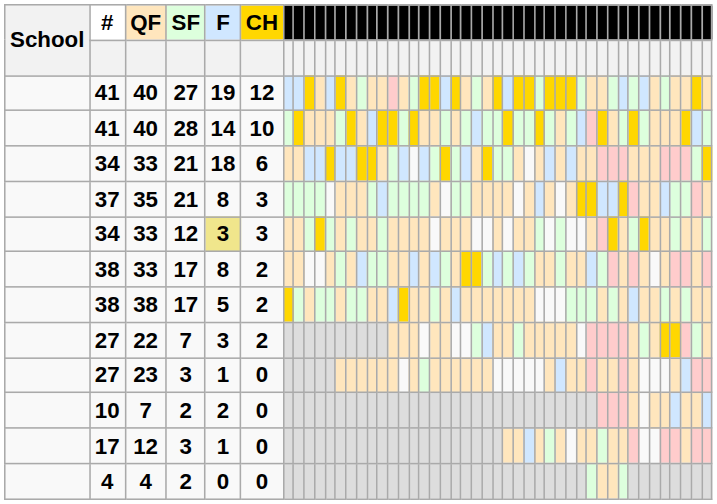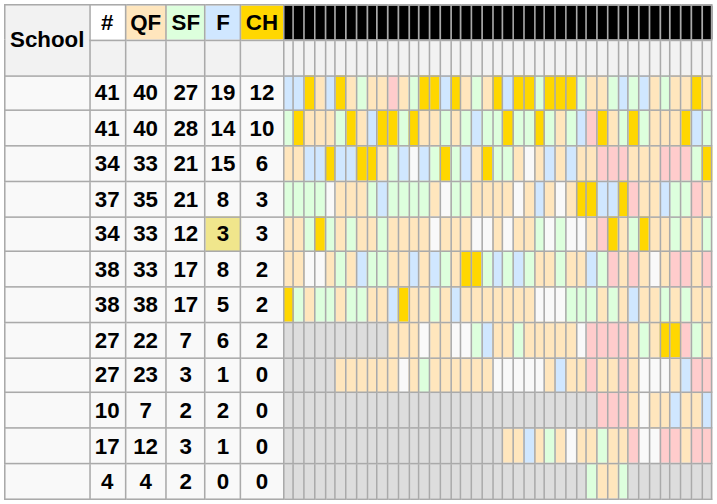 <table class="wikitable sortable sticky-table-head sticky-table-col1" style="font-size:90%; text-align: center;">
 <tr>
 <th rowspan=2>School</th>
 <th style="background: #FFFFFF;">#</th>
 <th style="background: #FFE6BD;">QF</th>
 <th style="background: #ddffdd;">SF</th>
 <th style="background: #D0E7FF;">F</th>
 <th style="background: gold;">CH</th>
 <th style="background: #000000;"><a href='#'></a></th>
 <th style="background: #000000;"><a href='#'></a></th>
 <th style="background: #000000;"><a href='#'></a></th>
 <th style="background: #000000;"><a href='#'></a></th>
 <th style="background: #000000;"><a href='#'></a></th>
 <th style="background: #000000;"><a href='#'></a></th>
 <th style="background: #000000;"><a href='#'></a></th>
 <th style="background: #000000;"><a href='#'></a></th>
 <th style="background: #000000;"><a href='#'></a></th>
 <th style="background: #000000;"><a href='#'></a></th>
 <th style="background: #000000;"><a href='#'></a></th>
 <th style="background: #000000;"><a href='#'></a></th>
 <th style="background: #000000;"><a href='#'></a></th>
 <th style="background: #000000;"><a href='#'></a></th>
 <th style="background: #000000;"><a href='#'></a></th>
 <th style="background: #000000;"><a href='#'></a></th>
 <th style="background: #000000;"><a href='#'></a></th>
 <th style="background: #000000;"><a href='#'></a></th>
 <th style="background: #000000;"><a href='#'></a></th>
 <th style="background: #000000;"><a href='#'></a></th>
 <th style="background: #000000;"><a href='#'></a></th>
 <th style="background: #000000;"><a href='#'></a></th>
 <th style="background: #000000;"><a href='#'></a></th>
 <th style="background: #000000;"><a href='#'></a></th>
 <th style="background: #000000;"><a href='#'></a></th>
 <th style="background: #000000;"><a href='#'></a></th>
 <th style="background: #000000;"><a href='#'></a></th>
 <th style="background: #000000;"><a href='#'></a></th>
 <th style="background: #000000;"><a href='#'></a></th>
 <th style="background: #000000;"><a href='#'></a></th>
 <th style="background: #000000;"><a href='#'></a></th>
 <th style="background: #000000;"><a href='#'></a></th>
 <th style="background: #000000;"><a href='#'></a></th>
 <th style="background: #000000;"><a href='#'></a></th>
 <th style="background: #000000;"><a href='#'></a></th>
 <th style="background: #000000;"><a href='#'></a></th>
 <th style="background: #000000;"><a href='#'></a></th>
 <th style="background: #000000;"><a href='#'></a></th>
 <th style="background: #000000;"><a href='#'></a></th>
 <th style="background: #000000;"><a href='#'></a></th>
 <th style="background: #000000;"><a href='#'></a></th>
 </tr>
 <tr>
 <th class="sticky-table-none"><br></th>
 <th></th>
 <th></th>
 <th></th>
 <th></th>
 <th></th>
 <th></th>
 <th></th>
 <th></th>
 <th></th>
 <th></th>
 <th></th>
 <th></th>
 <th></th>
 <th></th>
 <th></th>
 <th></th>
 <th></th>
 <th></th>
 <th></th>
 <th></th>
 <th></th>
 <th></th>
 <th></th>
 <th></th>
 <th></th>
 <th></th>
 <th></th>
 <th></th>
 <th></th>
 <th></th>
 <th></th>
 <th></th>
 <th></th>
 <th></th>
 <th></th>
 <th></th>
 <th></th>
 <th></th>
 <th></th>
 <th></th>
 <th></th>
 <th></th>
 <th></th>
 <th></th>
 <th></th>
 </tr>
 <tr>
 <td><strong></strong></td>
 <td><strong>41</strong></td>
 <td><strong>40</strong></td>
 <td><strong>27</strong></td>
 <td><strong>19</strong></td>
 <td><strong>12</strong></td>
 <td style="background:#D0E7FF"><strong></strong></td>
 <td style="background:#D0E7FF"><strong></strong></td>
 <td style="background:gold;"><strong></strong></td>
 <td style="background:#FFE6BD"><strong></strong></td>
 <td style="background:#D0E7FF"><strong></strong></td>
 <td style="background:gold;"><strong></strong></td>
 <td style="background:#FFE6BD"><strong></strong></td>
 <td style="background:#ddffdd"><strong></strong></td>
 <td style="background:#FFE6BD"><strong></strong></td>
 <td style="background:#FFE6BD"><strong></strong></td>
 <td style="background:#FFCCCC"><strong></strong></td>
 <td style="background:#FFE6BD"><strong></strong></td>
 <td style="background:#ddffdd"><strong></strong></td>
 <td style="background:gold;"><strong></strong></td>
 <td style="background:gold;"><strong></strong></td>
 <td style="background:#D0E7FF"><strong></strong></td>
 <td style="background:gold;"><strong></strong></td>
 <td style="background:#FFE6BD"><strong></strong></td>
 <td style="background:#ddffdd"><strong></strong></td>
 <td style="background:#FFE6BD"><strong></strong></td>
 <td style="background:gold;"><strong></strong></td>
 <td style="background:#D0E7FF"><strong></strong></td>
 <td style="background:gold;"><strong></strong></td>
 <td style="background:gold;"><strong></strong></td>
 <td style="background:#ddffdd"><strong></strong></td>
 <td style="background:gold;"><strong></strong></td>
 <td style="background:gold;"><strong></strong></td>
 <td style="background:gold;"><strong></strong></td>
 <td style="background:#ddffdd"><strong></strong></td>
 <td style="background:#FFE6BD"><strong></strong></td>
 <td style="background:#FFE6BD"><strong></strong></td>
 <td style="background:#ddffdd"><strong></strong></td>
 <td style="background:#D0E7FF"><strong></strong></td>
 <td style="background:#ddffdd"><strong></strong></td>
 <td style="background:#D0E7FF"><strong></strong></td>
 <td style="background:#FFE6BD"><strong></strong></td>
 <td style="background:#ddffdd"><strong></strong></td>
 <td style="background:#FFE6BD"><strong></strong></td>
 <td style="background:#FFE6BD"><strong></strong></td>
 <td style="background:gold;"><strong></strong></td>
 <td style="background:#FFE6BD"><strong></strong></td>
 </tr>
 <tr>
 <td><strong></strong></td>
 <td><strong>41</strong></td>
 <td><strong>40</strong></td>
 <td><strong>28</strong></td>
 <td><strong>14</strong></td>
 <td><strong>10</strong></td>
 <td style="background:#ddffdd"><strong></strong></td>
 <td style="background:gold;"><strong></strong></td>
 <td style="background:#FFE6BD"><strong></strong></td>
 <td style="background:#FFE6BD"><strong></strong></td>
 <td style="background:#FFE6BD"><strong></strong></td>
 <td style="background:#ddffdd"><strong></strong></td>
 <td style="background:gold;"><strong></strong></td>
 <td style="background:#FFE6BD"><strong></strong></td>
 <td style="background:#D0E7FF"><strong></strong></td>
 <td style="background:gold;"><strong></strong></td>
 <td style="background:gold;"><strong></strong></td>
 <td style="background:#ddffdd"><strong></strong></td>
 <td style="background:gold;"><strong></strong></td>
 <td style="background:#FFE6BD"><strong></strong></td>
 <td style="background:#FFE6BD"><strong></strong></td>
 <td style="background:#ddffdd"><strong></strong></td>
 <td style="background:#FFE6BD"><strong></strong></td>
 <td style="background:#ddffdd"><strong></strong></td>
 <td style="background:#D0E7FF"><strong></strong></td>
 <td style="background:#ddffdd"><strong></strong></td>
 <td style="background:#ddffdd"><strong></strong></td>
 <td style="background:gold;"><strong></strong></td>
 <td style="background:#ddffdd"><strong></strong></td>
 <td style="background:#ddffdd"><strong></strong></td>
 <td style="background:gold;"><strong></strong></td>
 <td style="background:#ddffdd"><strong></strong></td>
 <td style="background:#FFE6BD"><strong></strong></td>
 <td style="background:#ddffdd"><strong></strong></td>
 <td style="background:#D0E7FF"><strong></strong></td>
 <td style="background:#FFCCCC"><strong></strong></td>
 <td style="background:gold;"><strong></strong></td>
 <td style="background:#FFE6BD"><strong></strong></td>
 <td style="background:#ddffdd"><strong></strong></td>
 <td style="background:gold;"><strong></strong></td>
 <td style="background:#ddffdd"><strong></strong></td>
 <td style="background:#FFE6BD"><strong></strong></td>
 <td style="background:#FFE6BD"><strong></strong></td>
 <td style="background:#FFE6BD"><strong></strong></td>
 <td style="background:gold;"><strong></strong></td>
 <td style="background:#D0E7FF"><strong></strong></td>
 <td style="background:#ddffdd"><strong></strong></td>
 </tr>
 <tr>
 <td><strong></strong></td>
 <td><strong>34</strong></td>
 <td><strong>33</strong></td>
 <td><strong>21</strong></td>
-<td><strong>18</strong></td>
+<td><strong>15</strong></td>
 <td><strong>6</strong></td>
 <td style="background:#FFE6BD"><strong></strong></td>
 <td style="background:#FFE6BD"><strong></strong></td>
 <td style="background:#D0E7FF"><strong></strong></td>
 <td style="background:#D0E7FF"><strong></strong></td>
 <td style="background:gold;"><strong></strong></td>
 <td style="background:#D0E7FF"><strong></strong></td>
 <td style="background:#D0E7FF"><strong></strong></td>
 <td style="background:gold;"><strong></strong></td>
 <td style="background:gold;"><strong></strong></td>
 <td style="background:#FFE6BD"><strong></strong></td>
 <td style="background:#ddffdd"><strong></strong></td>
 <td style="background:#D0E7FF"><strong></strong></td>
 <td></td>
 <td style="background:#D0E7FF"><strong></strong></td>
 <td style="background:#ddffdd"><strong></strong></td>
 <td style="background:gold;"><strong></strong></td>
 <td style="background:#ddffdd"><strong></strong></td>
 <td style="background:#D0E7FF"><strong></strong></td>
 <td style="background:#FFE6BD"><strong></strong></td>
 <td style="background:gold;"><strong></strong></td>
 <td style="background:#ddffdd"><strong></strong></td>
 <td style="background:#ddffdd"><strong></strong></td>
 <td style="background:#FFE6BD"><strong></strong></td>
 <td></td>
 <td style="background:#FFE6BD"><strong></strong></td>
 <td style="background:#D0E7FF"><strong></strong></td>
 <td style="background:#FFE6BD"><strong></strong></td>
 <td style="background:#D0E7FF"><strong></strong></td>
 <td style="background:#FFE6BD"><strong></strong></td>
 <td style="background:#FFE6BD"><strong></strong></td>
 <td style="background:#FFCCCC"><strong></strong></td>
 <td style="background:#FFCCCC"><strong></strong></td>
 <td style="background:#FFCCCC"><strong></strong></td>
 <td style="background:#FFE6BD"><strong></strong></td>
 <td style="background:#FFE6BD"><strong></strong></td>
 <td style="background:#FFE6BD"><strong></strong></td>
 <td style="background:#FFCCCC"><strong></strong></td>
 <td style="background:#FFCCCC"><strong></strong></td>
 <td style="background:#FFCCCC"><strong></strong></td>
 <td style="background:#ddffdd"><strong></strong></td>
 <td style="background:gold;"><strong></strong></td>
 </tr>
 <tr>
 <td><strong></strong></td>
 <td><strong>37</strong></td>
 <td><strong>35</strong></td>
 <td><strong>21</strong></td>
 <td><strong>8</strong></td>
 <td><strong>3</strong></td>
 <td style="background:#ddffdd"><strong></strong></td>
 <td style="background:#ddffdd"><strong></strong></td>
 <td style="background:#ddffdd"><strong></strong></td>
 <td style="background:#ddffdd"><strong></strong></td>
 <td></td>
 <td style="background:#FFE6BD"><strong></strong></td>
 <td style="background:#FFE6BD"><strong></strong></td>
 <td style="background:#FFE6BD"><strong></strong></td>
 <td style="background:#ddffdd"><strong></strong></td>
 <td style="background:#D0E7FF"><strong></strong></td>
 <td style="background:#ddffdd"><strong></strong></td>
 <td style="background:#ddffdd"><strong></strong></td>
 <td style="background:#ddffdd"><strong></strong></td>
 <td style="background:#ddffdd"><strong></strong></td>
 <td style="background:#FFE6BD"><strong></strong></td>
 <td></td>
 <td style="background:#ddffdd"><strong></strong></td>
 <td style="background:#ddffdd"><strong></strong></td>
 <td style="background:#FFE6BD"><strong></strong></td>
 <td style="background:#FFE6BD"><strong></strong></td>
 <td style="background:#FFE6BD"><strong></strong></td>
 <td style="background:#FFE6BD"><strong></strong></td>
 <td></td>
 <td style="background:#FFE6BD"><strong></strong></td>
 <td style="background:#D0E7FF"><strong></strong></td>
 <td style="background:#FFE6BD"><strong></strong></td>
 <td></td>
 <td style="background:#FFE6BD"><strong></strong></td>
 <td style="background:gold;"><strong></strong></td>
 <td style="background:gold;"><strong></strong></td>
 <td style="background:#D0E7FF"><strong></strong></td>
 <td style="background:#D0E7FF"><strong></strong></td>
 <td style="background:gold;"><strong></strong></td>
 <td style="background:#FFCCCC"><strong></strong></td>
 <td style="background:#FFE6BD"><strong></strong></td>
 <td style="background:#FFE6BD"><strong></strong></td>
 <td style="background:#D0E7FF"><strong></strong></td>
 <td style="background:#ddffdd"><strong></strong></td>
 <td style="background:#ddffdd"><strong></strong></td>
 <td style="background:#FFCCCC"><strong></strong></td>
 <td style="background:#FFE6BD"><strong></strong></td>
 </tr>
 <tr>
 <td><strong></strong></td>
 <td><strong>34</strong></td>
 <td><strong>33</strong></td>
 <td><strong>12</strong></td>
 <td style="background: khaki;"><strong>3</strong></td>
 <td><strong>3</strong></td>
 <td style="background:#FFE6BD"><strong></strong></td>
 <td style="background:#FFE6BD"><strong></strong></td>
 <td style="background:#ddffdd"><strong></strong></td>
 <td style="background:gold;"><strong></strong></td>
 <td style="background:#ddffdd"><strong></strong></td>
 <td style="background:#FFE6BD"><strong></strong></td>
 <td style="background:#ddffdd"><strong></strong></td>
 <td style="background:#FFE6BD"><strong></strong></td>
 <td style="background:#FFE6BD"><strong></strong></td>
 <td style="background:#ddffdd"><strong></strong></td>
 <td style="background:#FFE6BD"><strong></strong></td>
 <td style="background:#FFE6BD"><strong></strong></td>
 <td style="background:#FFE6BD"><strong></strong></td>
 <td style="background:#FFE6BD"><strong></strong></td>
 <td></td>
 <td style="background:#FFE6BD"><strong></strong></td>
 <td style="background:#FFE6BD"><strong></strong></td>
 <td style="background:#FFE6BD"><strong></strong></td>
 <td></td>
 <td></td>
 <td style="background:#FFE6BD"><strong></strong></td>
 <td></td>
 <td style="background:#FFE6BD"><strong></strong></td>
 <td style="background:#FFE6BD"><strong></strong></td>
 <td style="background:#ddffdd"><strong></strong></td>
 <td></td>
 <td style="background:#ddffdd"><strong></strong></td>
 <td></td>
 <td></td>
 <td style="background:#FFE6BD"><strong></strong></td>
 <td style="background:#FFCCCC"><strong></strong></td>
 <td style="background:gold;"><strong></strong></td>
 <td style="background:#FFE6BD"><strong></strong></td>
 <td style="background:#ddffdd"><strong></strong></td>
 <td style="background:gold;"><strong></strong></td>
 <td style="background:#FFE6BD"><strong></strong></td>
 <td style="background:#FFE6BD"><strong></strong></td>
 <td style="background:#ddffdd"><strong></strong></td>
 <td style="background:#FFE6BD"><strong></strong></td>
 <td style="background:#FFE6BD"><strong></strong></td>
 <td style="background:#ddffdd"><strong></strong></td>
 </tr>
 <tr>
 <td><strong></strong></td>
 <td><strong>38</strong></td>
 <td><strong>33</strong></td>
 <td><strong>17</strong></td>
 <td><strong>8</strong></td>
 <td><strong>2</strong></td>
 <td style="background:#FFE6BD"><strong></strong></td>
 <td style="background:#FFE6BD"><strong></strong></td>
 <td></td>
 <td></td>
 <td style="background:#FFE6BD"><strong></strong></td>
 <td style="background:#ddffdd"><strong></strong></td>
 <td style="background:#FFE6BD"><strong></strong></td>
 <td style="background:#D0E7FF"><strong></strong></td>
 <td style="background:#ddffdd"><strong></strong></td>
 <td style="background:#ddffdd"><strong></strong></td>
 <td style="background:#FFE6BD"><strong></strong></td>
 <td style="background:#FFE6BD"><strong></strong></td>
 <td style="background:#D0E7FF"><strong></strong></td>
 <td style="background:#FFE6BD"><strong></strong></td>
 <td style="background:#D0E7FF"><strong></strong></td>
 <td style="background:#ddffdd"><strong></strong></td>
 <td style="background:#FFE6BD"><strong></strong></td>
 <td style="background:gold;"><strong></strong></td>
 <td style="background:gold;"><strong></strong></td>
 <td style="background:#ddffdd"><strong></strong></td>
 <td style="background:#D0E7FF"><strong></strong></td>
 <td style="background:#ddffdd"><strong></strong></td>
 <td style="background:#D0E7FF"><strong></strong></td>
 <td style="background:#ddffdd"><strong></strong></td>
 <td style="background:#FFE6BD"><strong></strong></td>
 <td style="background:#FFE6BD"><strong></strong></td>
 <td style="background:#ddffdd"><strong></strong></td>
 <td style="background:#FFE6BD"><strong></strong></td>
 <td style="background:#FFE6BD"><strong></strong></td>
 <td style="background:#D0E7FF"><strong></strong></td>
 <td style="background:#ddffdd"><strong></strong></td>
 <td style="background:#FFCCCC"><strong></strong></td>
 <td style="background:#FFE6BD"><strong></strong></td>
 <td style="background:#FFCCCC"><strong></strong></td>
 <td style="background:#FFE6BD"><strong></strong></td>
 <td></td>
 <td style="background:#FFE6BD"><strong></strong></td>
 <td style="background:#FFCCCC"><strong></strong></td>
 <td style="background:#FFCCCC"><strong></strong></td>
 <td style="background:#FFE6BD"><strong></strong></td>
 <td style="background:#FFCCCC"><strong></strong></td>
 </tr>
 <tr>
 <td><strong></strong></td>
 <td><strong>38</strong></td>
 <td><strong>38</strong></td>
 <td><strong>17</strong></td>
 <td><strong>5</strong></td>
 <td><strong>2</strong></td>
 <td style="background:gold;"><strong></strong></td>
 <td style="background:#ddffdd"><strong></strong></td>
 <td style="background:#FFE6BD"><strong></strong></td>
 <td style="background:#ddffdd"><strong></strong></td>
 <td style="background:#ddffdd"><strong></strong></td>
 <td style="background:#FFE6BD"><strong></strong></td>
 <td style="background:#ddffdd"><strong></strong></td>
 <td style="background:#ddffdd"><strong></strong></td>
 <td style="background:#FFE6BD"><strong></strong></td>
 <td style="background:#FFE6BD"><strong></strong></td>
 <td style="background:#D0E7FF"><strong></strong></td>
 <td style="background:gold;"><strong></strong></td>
 <td style="background:#FFE6BD"><strong></strong></td>
 <td style="background:#FFE6BD"><strong></strong></td>
 <td style="background:#ddffdd"><strong></strong></td>
 <td style="background:#FFE6BD"><strong></strong></td>
 <td style="background:#D0E7FF"><strong></strong></td>
 <td style="background:#FFE6BD"><strong></strong></td>
 <td style="background:#FFE6BD"><strong></strong></td>
 <td style="background:#FFE6BD"><strong></strong></td>
 <td style="background:#FFE6BD"><strong></strong></td>
 <td style="background:#FFE6BD"><strong></strong></td>
 <td style="background:#FFE6BD"><strong></strong></td>
 <td style="background:#FFE6BD"><strong></strong></td>
 <td></td>
 <td></td>
 <td></td>
 <td style="background:#ddffdd"><strong></strong></td>
 <td style="background:#ddffdd"><strong></strong></td>
 <td style="background:#ddffdd"><strong></strong></td>
 <td style="background:#FFE6BD"><strong></strong></td>
 <td style="background:#ddffdd"><strong></strong></td>
 <td style="background:#FFE6BD"><strong></strong></td>
 <td style="background:#D0E7FF"><strong></strong></td>
 <td style="background:#FFE6BD"><strong></strong></td>
 <td style="background:#FFE6BD"><strong></strong></td>
 <td style="background:#ddffdd"><strong></strong></td>
 <td style="background:#FFE6BD"><strong></strong></td>
 <td style="background:#ddffdd"><strong></strong></td>
 <td style="background:#FFE6BD"><strong></strong></td>
 <td style="background:#FFE6BD"><strong></strong></td>
 </tr>
 <tr>
 <td><strong></strong></td>
 <td><strong>27</strong></td>
 <td><strong>22</strong></td>
 <td><strong>7</strong></td>
-<td><strong>3</strong></td>
+<td><strong>6</strong></td>
 <td><strong>2</strong></td>
 <td style="background:#dddddd"><strong></strong></td>
 <td style="background:#dddddd"><strong></strong></td>
 <td style="background:#dddddd"><strong></strong></td>
 <td style="background:#dddddd"><strong></strong></td>
 <td style="background:#dddddd"><strong></strong></td>
 <td style="background:#dddddd"><strong></strong></td>
 <td style="background:#dddddd"><strong></strong></td>
 <td style="background:#dddddd"><strong></strong></td>
 <td style="background:#dddddd"><strong></strong></td>
 <td style="background:#dddddd"><strong></strong></td>
 <td style="background:#FFE6BD"><strong></strong></td>
 <td style="background:#FFE6BD"><strong></strong></td>
 <td style="background:#FFE6BD"><strong></strong></td>
 <td></td>
 <td style="background:#FFE6BD"><strong></strong></td>
 <td style="background:#FFE6BD"><strong></strong></td>
 <td></td>
 <td></td>
 <td style="background:#ddffdd"><strong></strong></td>
 <td style="background:#D0E7FF"><strong></strong></td>
 <td style="background:#FFE6BD"><strong></strong></td>
 <td style="background:#FFE6BD"><strong></strong></td>
 <td style="background:#ddffdd"><strong></strong></td>
 <td style="background:#FFE6BD"><strong></strong></td>
 <td style="background:#FFE6BD"><strong></strong></td>
 <td style="background:#FFE6BD"><strong></strong></td>
 <td style="background:#FFE6BD"><strong></strong></td>
 <td style="background:#FFE6BD"><strong></strong></td>
 <td></td>
 <td style="background:#FFCCCC"><strong></strong></td>
 <td style="background:#FFCCCC"><strong></strong></td>
 <td style="background:#FFCCCC"><strong></strong></td>
 <td style="background:#FFCCCC"><strong></strong></td>
 <td style="background:#FFE6BD"><strong></strong></td>
 <td style="background:#ddffdd"><strong></strong></td>
 <td style="background:#FFE6BD"><strong></strong></td>
 <td style="background:gold;"><strong></strong></td>
 <td style="background:gold;"><strong></strong></td>
 <td style="background:#FFCCCC"><strong></strong></td>
 <td style="background:#ddffdd"><strong></strong></td>
 <td style="background:#FFE6BD"><strong></strong></td>
 </tr>
 <tr>
 <td><strong></strong></td>
 <td><strong>27</strong></td>
 <td><strong>23</strong></td>
 <td><strong>3</strong></td>
 <td><strong>1</strong></td>
 <td><strong>0</strong></td>
 <td style="background:#dddddd"><strong></strong></td>
 <td style="background:#dddddd"><strong></strong></td>
 <td style="background:#dddddd"><strong></strong></td>
 <td style="background:#dddddd"><strong></strong></td>
 <td style="background:#dddddd"><strong></strong></td>
 <td style="background:#FFE6BD"><strong></strong></td>
 <td style="background:#FFE6BD"><strong></strong></td>
 <td style="background:#FFE6BD"><strong></strong></td>
 <td style="background:#FFE6BD"><strong></strong></td>
 <td style="background:#FFE6BD"><strong></strong></td>
 <td style="background:#FFE6BD"><strong></strong></td>
 <td></td>
 <td style="background:#FFE6BD"><strong></strong></td>
 <td style="background:#ddffdd"><strong></strong></td>
 <td style="background:#FFE6BD"><strong></strong></td>
 <td style="background:#FFE6BD"><strong></strong></td>
 <td style="background:#FFE6BD"><strong></strong></td>
 <td style="background:#FFE6BD"><strong></strong></td>
 <td style="background:#FFE6BD"><strong></strong></td>
 <td style="background:#FFE6BD"><strong></strong></td>
 <td></td>
 <td></td>
 <td></td>
 <td></td>
 <td></td>
 <td style="background:#FFE6BD"><strong></strong></td>
 <td style="background:#D0E7FF"><strong></strong></td>
 <td style="background:#FFE6BD"><strong></strong></td>
 <td style="background:#FFE6BD"><strong></strong></td>
 <td style="background:#FFCCCC"><strong></strong></td>
 <td style="background:#FFE6BD"><strong></strong></td>
 <td style="background:#FFE6BD"><strong></strong></td>
 <td style="background:#FFCCCC"><strong></strong></td>
 <td style="background:#FFE6BD"><strong></strong></td>
 <td></td>
 <td></td>
 <td></td>
 <td style="background:#FFE6BD"><strong></strong></td>
 <td style="background:#D0E7FF"><strong></strong></td>
 <td style="background:#FFCCCC"><strong></strong></td>
 <td style="background:#FFCCCC"><strong></strong></td>
 </tr>
 <tr>
 <td><strong></strong></td>
 <td><strong>10</strong></td>
 <td><strong>7</strong></td>
 <td><strong>2</strong></td>
 <td><strong>2</strong></td>
 <td><strong>0</strong></td>
 <td style="background:#dddddd"><strong></strong></td>
 <td style="background:#dddddd"><strong></strong></td>
 <td style="background:#dddddd"><strong></strong></td>
 <td style="background:#dddddd"><strong></strong></td>
 <td style="background:#dddddd"><strong></strong></td>
 <td style="background:#dddddd"><strong></strong></td>
 <td style="background:#dddddd"><strong></strong></td>
 <td style="background:#dddddd"><strong></strong></td>
 <td style="background:#dddddd"><strong></strong></td>
 <td style="background:#dddddd"><strong></strong></td>
 <td style="background:#dddddd"><strong></strong></td>
 <td style="background:#dddddd"><strong></strong></td>
 <td style="background:#dddddd"><strong></strong></td>
 <td style="background:#dddddd"><strong></strong></td>
 <td style="background:#dddddd"><strong></strong></td>
 <td style="background:#dddddd"><strong></strong></td>
 <td style="background:#dddddd"><strong></strong></td>
 <td style="background:#dddddd"><strong></strong></td>
 <td style="background:#dddddd"><strong></strong></td>
 <td style="background:#dddddd"><strong></strong></td>
 <td style="background:#dddddd"><strong></strong></td>
 <td style="background:#dddddd"><strong></strong></td>
 <td style="background:#dddddd"><strong></strong></td>
 <td style="background:#dddddd"><strong></strong></td>
 <td style="background:#dddddd"><strong></strong></td>
 <td style="background:#dddddd"><strong></strong></td>
 <td style="background:#dddddd"><strong></strong></td>
 <td style="background:#dddddd"><strong></strong></td>
 <td style="background:#dddddd"><strong></strong></td>
 <td style="background:#dddddd"><strong></strong></td>
 <td style="background:#FFCCCC"><strong></strong></td>
 <td style="background:#FFCCCC"><strong></strong></td>
 <td style="background:#FFCCCC"><strong></strong></td>
 <td style="background:#FFE6BD"><strong></strong></td>
 <td></td>
 <td style="background:#FFE6BD"><strong></strong></td>
 <td style="background:#FFE6BD"><strong></strong></td>
 <td style="background:#D0E7FF"><strong></strong></td>
 <td style="background:#FFE6BD"><strong></strong></td>
 <td style="background:#FFE6BD"><strong></strong></td>
 <td style="background:#D0E7FF"><strong></strong></td>
 </tr>
 <tr>
 <td><strong></strong></td>
 <td><strong>17</strong></td>
 <td><strong>12</strong></td>
 <td><strong>3</strong></td>
 <td><strong>1</strong></td>
 <td><strong>0</strong></td>
 <td style="background:#dddddd"><strong></strong></td>
 <td style="background:#dddddd"><strong></strong></td>
 <td style="background:#dddddd"><strong></strong></td>
 <td style="background:#dddddd"><strong></strong></td>
 <td style="background:#dddddd"><strong></strong></td>
 <td style="background:#dddddd"><strong></strong></td>
 <td style="background:#dddddd"><strong></strong></td>
 <td style="background:#dddddd"><strong></strong></td>
 <td style="background:#dddddd"><strong></strong></td>
 <td style="background:#dddddd"><strong></strong></td>
 <td style="background:#dddddd"><strong></strong></td>
 <td style="background:#dddddd"><strong></strong></td>
 <td style="background:#dddddd"><strong></strong></td>
 <td style="background:#dddddd"><strong></strong></td>
 <td style="background:#dddddd"><strong></strong></td>
 <td style="background:#dddddd"><strong></strong></td>
 <td style="background:#dddddd"><strong></strong></td>
 <td style="background:#dddddd"><strong></strong></td>
 <td style="background:#dddddd"><strong></strong></td>
 <td style="background:#dddddd"><strong></strong></td>
 <td style="background:#dddddd"><strong></strong></td>
 <td style="background:#FFE6BD"><strong></strong></td>
 <td style="background:#FFE6BD"><strong></strong></td>
 <td style="background:#D0E7FF"><strong></strong></td>
 <td style="background:#FFE6BD"><strong></strong></td>
 <td style="background:#ddffdd"><strong></strong></td>
 <td style="background:#FFE6BD"><strong></strong></td>
 <td></td>
 <td style="background:#FFE6BD"><strong></strong></td>
 <td style="background:#FFE6BD"><strong></strong></td>
 <td style="background:#ddffdd"><strong></strong></td>
 <td style="background:#FFE6BD"><strong></strong></td>
 <td style="background:#FFE6BD"><strong></strong></td>
 <td style="background:#FFCCCC"><strong></strong></td>
 <td></td>
 <td></td>
 <td style="background:#FFCCCC"><strong></strong></td>
 <td style="background:#FFCCCC"><strong></strong></td>
 <td style="background:#FFE6BD"><strong></strong></td>
 <td style="background:#FFCCCC"><strong></strong></td>
 <td style="background:#FFCCCC"><strong></strong></td>
 </tr>
 <tr>
 <td><strong></strong></td>
 <td><strong>4</strong></td>
 <td><strong>4</strong></td>
 <td><strong>2</strong></td>
 <td><strong>0</strong></td>
 <td><strong>0</strong></td>
 <td style="background:#dddddd"><strong></strong></td>
 <td style="background:#dddddd"><strong></strong></td>
 <td style="background:#dddddd"><strong></strong></td>
 <td style="background:#dddddd"><strong></strong></td>
 <td style="background:#dddddd"><strong></strong></td>
 <td style="background:#dddddd"><strong></strong></td>
 <td style="background:#dddddd"><strong></strong></td>
 <td style="background:#dddddd"><strong></strong></td>
 <td style="background:#dddddd"><strong></strong></td>
 <td style="background:#dddddd"><strong></strong></td>
 <td style="background:#dddddd"><strong></strong></td>
 <td style="background:#dddddd"><strong></strong></td>
 <td style="background:#dddddd"><strong></strong></td>
 <td style="background:#dddddd"><strong></strong></td>
 <td style="background:#dddddd"><strong></strong></td>
 <td style="background:#dddddd"><strong></strong></td>
 <td style="background:#dddddd"><strong></strong></td>
 <td style="background:#dddddd"><strong></strong></td>
 <td style="background:#dddddd"><strong></strong></td>
 <td style="background:#dddddd"><strong></strong></td>
 <td style="background:#dddddd"><strong></strong></td>
 <td style="background:#dddddd"><strong></strong></td>
 <td style="background:#dddddd"><strong></strong></td>
 <td style="background:#dddddd"><strong></strong></td>
 <td style="background:#dddddd"><strong></strong></td>
 <td style="background:#dddddd"><strong></strong></td>
 <td style="background:#dddddd"><strong></strong></td>
 <td style="background:#dddddd"><strong></strong></td>
 <td style="background:#dddddd"><strong></strong></td>
 <td style="background:#ddffdd"><strong></strong></td>
 <td style="background:#FFE6BD"><strong></strong></td>
 <td style="background:#FFE6BD"><strong></strong></td>
 <td style="background:#ddffdd"><strong></strong></td>
 <td style="background:#dddddd"><strong></strong></td>
 <td style="background:#dddddd"><strong></strong></td>
 <td style="background:#dddddd"><strong></strong></td>
 <td style="background:#dddddd"><strong></strong></td>
 <td style="background:#dddddd"><strong></strong></td>
 <td style="background:#dddddd"><strong></strong></td>
 <td style="background:#dddddd"><strong></strong></td>
 <td style="background:#dddddd"><strong></strong></td>
 </tr>
 </table>
